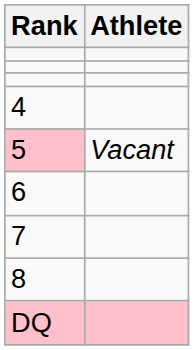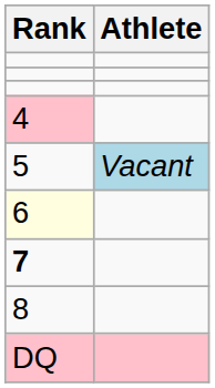 <table class="wikitable" style="text-align:left">
 <tr>
 <th>Rank</th>
 <th>Athlete</th>
 </tr>
 <tr>
 <td></td>
 <td></td>
 </tr>
 <tr>
 <td></td>
 <td></td>
 </tr>
 <tr>
 <td></td>
 <td></td>
 </tr>
 <tr>
-<td>4</td>
+<td style="background: pink;">4</td>
 <td></td>
 </tr>
 <tr>
-<td style="background: pink;">5</td>
-<td><em>Vacant</em></td>
+<td>5</td>
+<td style="background: lightblue;"><em>Vacant</em></td>
 </tr>
 <tr>
-<td>6</td>
+<td style="background: lightyellow;">6</td>
 <td></td>
 </tr>
 <tr>
-<td>7</td>
+<td><strong>7</strong></td>
 <td></td>
 </tr>
 <tr>
 <td>8</td>
 <td></td>
 </tr>
 <tr bgcolor=pink>
 <td>DQ</td>
 <td></td>
 </tr>
 </table>
